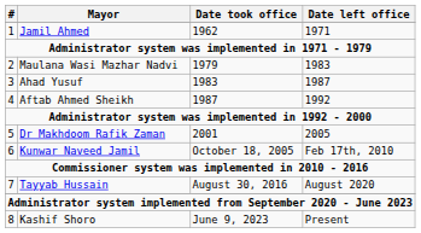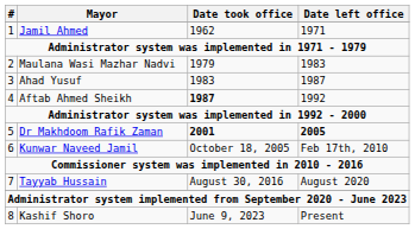 <table class="wikitable">
 <tr>
 <th>#</th>
 <th>Mayor</th>
 <th>Date took office</th>
 <th>Date left office</th>
 </tr>
 <tr>
 </tr>
 <tr>
 <td>1</td>
 <td><a href='#'>Jamil Ahmed</a></td>
 <td>1962</td>
 <td>1971</td>
 </tr>
 <tr>
 <td colspan="4" style="text-align:center;"><strong>Administrator system was implemented in 1971 - 1979 </strong></td>
 </tr>
 <tr>
 <td>2</td>
 <td>Maulana Wasi Mazhar Nadvi</td>
 <td>1979</td>
 <td>1983</td>
 </tr>
 <tr>
 <td>3</td>
 <td>Ahad Yusuf</td>
 <td>1983</td>
 <td>1987</td>
 </tr>
 <tr>
 <td>4</td>
 <td>Aftab Ahmed Sheikh</td>
-<td>1987</td>
+<td><strong>1987</strong></td>
 <td>1992</td>
 </tr>
 <tr style="border: 1px solid black;">
 <td colspan="4" style="text-align:center;"><strong>Administrator system was implemented in 1992 - 2000</strong></td>
 </tr>
 <tr>
 <td>5</td>
 <td><a href='#'>Dr Makhdoom Rafik Zaman</a></td>
-<td>2001</td>
-<td>2005</td>
+<td><strong>2001</strong></td>
+<td><strong>2005</strong></td>
 </tr>
 <tr>
 <td>6</td>
 <td><a href='#'>Kunwar Naveed Jamil</a></td>
 <td>October 18, 2005</td>
 <td>Feb 17th, 2010</td>
 </tr>
 <tr style="border: 1px solid black;">
 <td colspan="4" style="text-align:center;"><strong>Commissioner system was implemented in 2010 - 2016</strong></td>
 </tr>
 <tr>
 <td>7</td>
 <td><a href='#'>Tayyab Hussain</a></td>
 <td>August 30, 2016</td>
 <td>August 2020</td>
 </tr>
 <tr>
 </tr>
 <tr style="border: 1px solid black;">
 <td colspan="4" style="text-align:center;"><strong>Administrator system implemented from September 2020 - June 2023</strong></td>
 </tr>
 <tr>
 <td>8</td>
 <td>Kashif Shoro</td>
 <td>June 9, 2023</td>
 <td>Present</td>
 </tr>
 </table>
